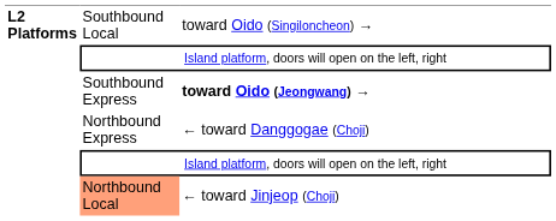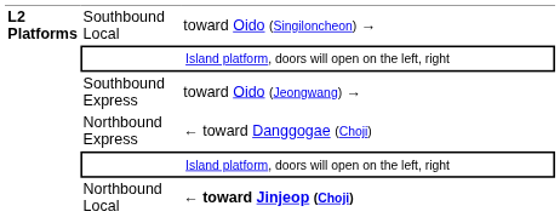 <table table border=0 cellspacing=0 cellpadding=3>
 <tr>
 <td style="border-top:solid 1px gray;" width=50 rowspan=10 valign=top><strong>L2<br>Platforms</strong></td>
 <td style="border-bottom:solid 0px gray; border-top:solid 1px gray;" width=100>Southbound Local</td>
 <td style="border-bottom:solid 0px gray; border-top:solid 1px gray;" width=390>  toward <a href='#'>Oido</a> <small>(<a href='#'>Singiloncheon</a>)</small> →</td>
 </tr>
 <tr>
 <td style="border-top:solid 2px black; border-right:solid 2px black; border-left:solid 2px black; border-bottom:solid 2px black;text-align:center;" colspan=2><small><a href='#'>Island platform</a>, doors will open on the left, right</small></td>
 </tr>
 <tr>
 <td>Southbound Express</td>
-<td><strong>  toward <a href='#'>Oido</a> <small>(<a href='#'>Jeongwang</a>)</small> →</strong></td>
+<td>  toward <a href='#'>Oido</a> <small>(<a href='#'>Jeongwang</a>)</small> →</td>
 </tr>
 <tr>
 <td>Northbound Express</td>
 <td>←  toward <a href='#'>Danggogae</a> <small>(<a href='#'>Choji</a>)</small></td>
 </tr>
 <tr>
 <td style="border-top:solid 2px black; border-right:solid 2px black; border-left:solid 2px black; border-bottom:solid 2px black;text-align:center;" colspan=2><small><a href='#'>Island platform</a>, doors will open on the left, right</small></td>
 </tr>
 <tr>
-<td style="background: lightsalmon;">Northbound Local</td>
-<td>←  toward <a href='#'>Jinjeop</a> <small>(<a href='#'>Choji</a>)</small></td>
+<td>Northbound Local</td>
+<td><strong>←  toward <a href='#'>Jinjeop</a> <small>(<a href='#'>Choji</a>)</small></strong></td>
 </tr>
 </table>
